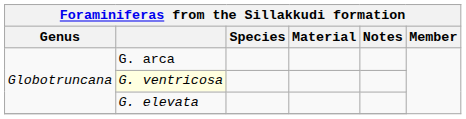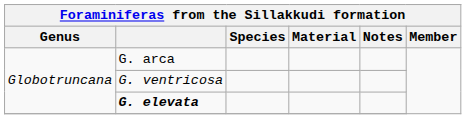 <table class="wikitable" align="center">
 <tr>
 <th colspan="6" align="center"><strong><a href='#'>Foraminiferas</a> from the Sillakkudi formation</strong></th>
 </tr>
 <tr>
 <th>Genus</th>
 <th></th>
 <th>Species</th>
 <th>Material</th>
 <th>Notes</th>
 <th>Member</th>
 </tr>
 <tr>
 <td rowspan="3"><em>Globotruncana</em></td>
 <td>G. arca</td>
 <td></td>
 <td></td>
 <td></td>
 </tr>
 <tr>
-<td style="background: lightyellow;"><em>G. ventricosa</em></td>
+<td><em>G. ventricosa</em></td>
 <td></td>
 <td></td>
 <td></td>
 </tr>
 <tr>
-<td><em>G. elevata</em></td>
+<td><strong><em>G. elevata</em></strong></td>
 <td></td>
 <td></td>
 <td></td>
 </tr>
 <tr>
 </tr>
 </table>
